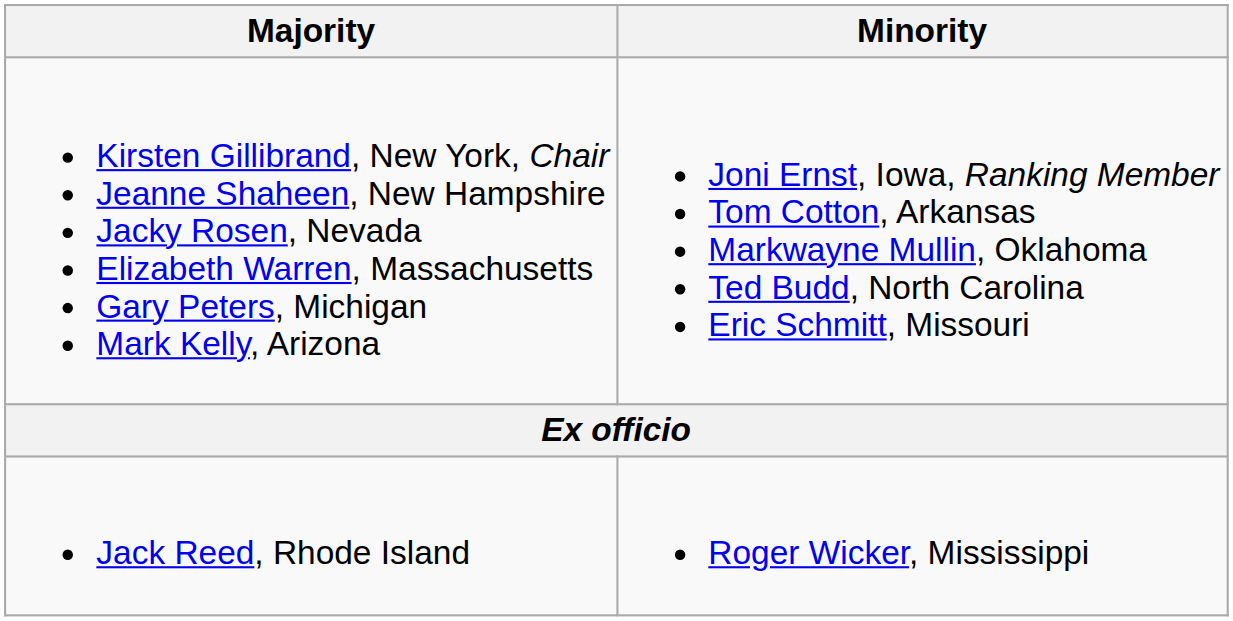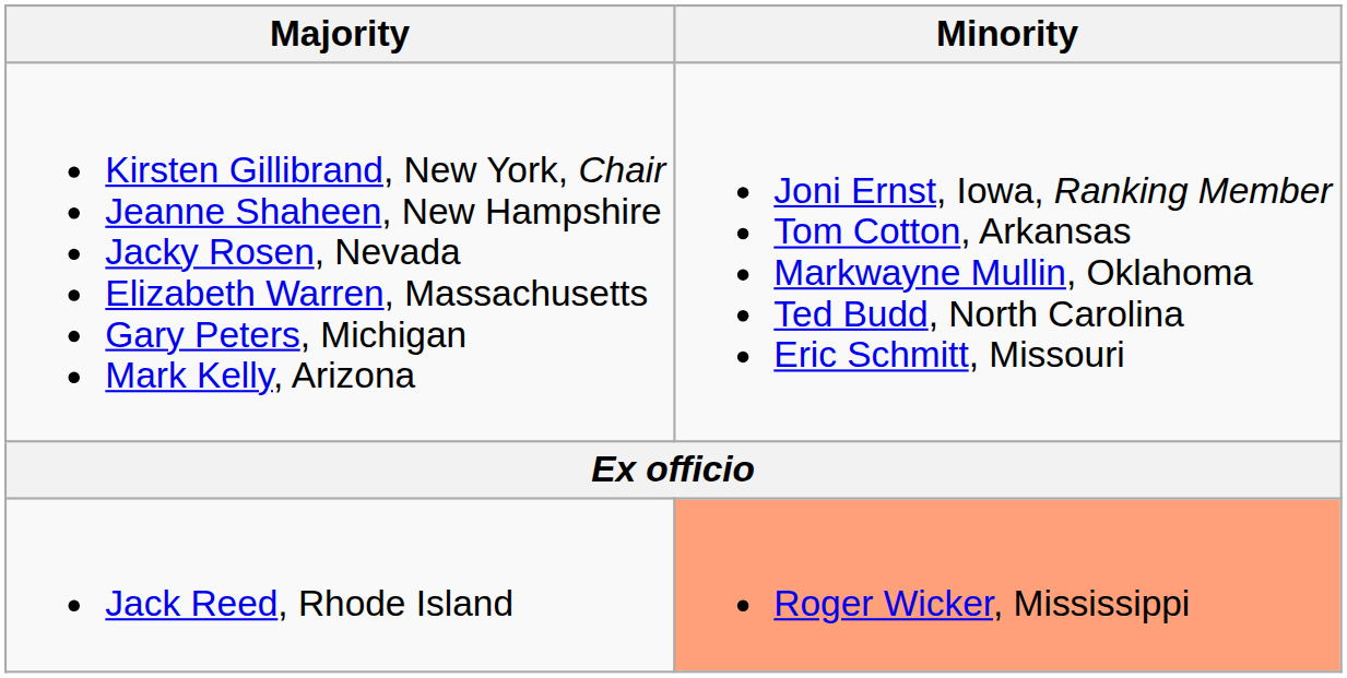 <table class=wikitable>
 <tr>
 <th>Majority</th>
 <th>Minority</th>
 </tr>
 <tr>
 <td><br><ul><li><a href='#'>Kirsten Gillibrand</a>, New York, <em>Chair</em></li><li><a href='#'>Jeanne Shaheen</a>, New Hampshire</li><li><a href='#'>Jacky Rosen</a>, Nevada</li><li><a href='#'>Elizabeth Warren</a>, Massachusetts</li><li><a href='#'>Gary Peters</a>, Michigan</li><li><a href='#'>Mark Kelly</a>, Arizona</li></ul></td>
 <td><br><ul><li><a href='#'>Joni Ernst</a>, Iowa, <em>Ranking Member</em></li><li><a href='#'>Tom Cotton</a>, Arkansas</li><li><a href='#'>Markwayne Mullin</a>, Oklahoma</li><li><a href='#'>Ted Budd</a>, North Carolina</li><li><a href='#'>Eric Schmitt</a>, Missouri</li></ul></td>
 </tr>
 <tr>
 <th colspan=2><em>Ex officio</em></th>
 </tr>
 <tr>
 <td><br><ul><li><a href='#'>Jack Reed</a>, Rhode Island</li></ul></td>
-<td><br><ul><li><a href='#'>Roger Wicker</a>, Mississippi</li></ul></td>
+<td style="background: lightsalmon;"><br><ul><li><a href='#'>Roger Wicker</a>, Mississippi</li></ul></td>
 </tr>
 </table>
